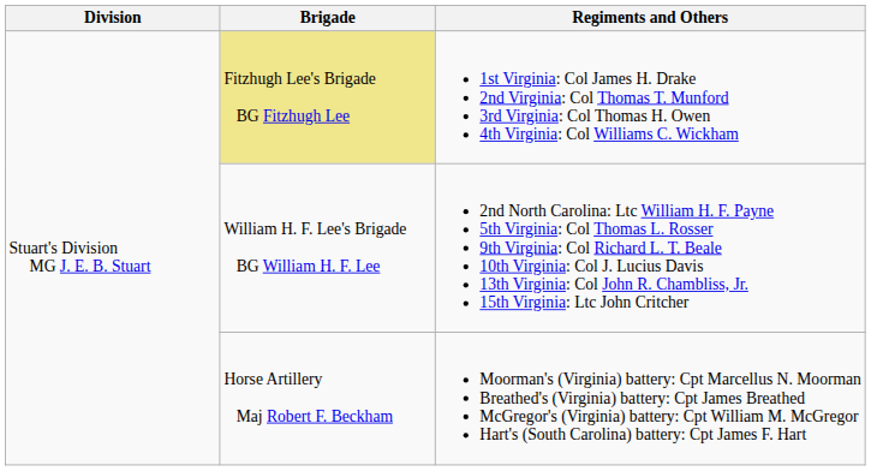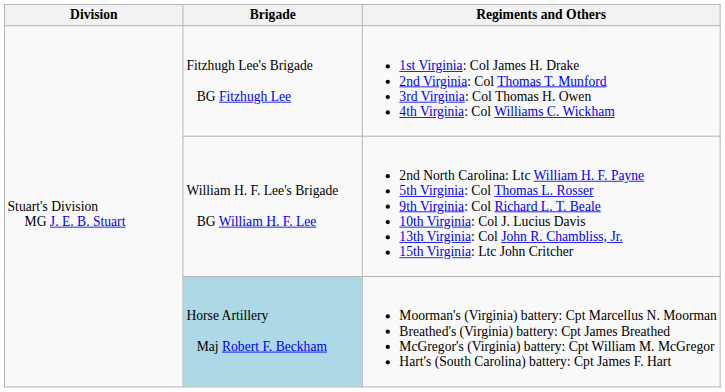 <table class="wikitable">
 <tr>
 <th width=25%>Division</th>
 <th width=25%>Brigade</th>
 <th>Regiments and Others</th>
 </tr>
 <tr>
 <td rowspan=3><br>Stuart's Division <br>     MG <a href='#'>J. E. B. Stuart</a></td>
-<td style="background: khaki;">Fitzhugh Lee's Brigade<br><br>   BG <a href='#'>Fitzhugh Lee</a></td>
+<td>Fitzhugh Lee's Brigade<br><br>   BG <a href='#'>Fitzhugh Lee</a></td>
 <td><br><ul><li><a href='#'>1st Virginia</a>: Col James H. Drake</li><li><a href='#'>2nd Virginia</a>: Col <a href='#'>Thomas T. Munford</a></li><li><a href='#'>3rd Virginia</a>: Col Thomas H. Owen</li><li><a href='#'>4th Virginia</a>: Col <a href='#'>Williams C. Wickham</a></li></ul></td>
 </tr>
 <tr>
 <td>William H. F. Lee's Brigade<br><br>   BG <a href='#'>William H. F. Lee</a></td>
 <td><br><ul><li>2nd North Carolina: Ltc <a href='#'>William H. F. Payne</a></li><li><a href='#'>5th Virginia</a>: Col <a href='#'>Thomas L. Rosser</a></li><li><a href='#'>9th Virginia</a>: Col <a href='#'>Richard L. T. Beale</a></li><li><a href='#'>10th Virginia</a>: Col J. Lucius Davis</li><li><a href='#'>13th Virginia</a>: Col <a href='#'>John R. Chambliss, Jr.</a></li><li><a href='#'>15th Virginia</a>: Ltc John Critcher</li></ul></td>
 </tr>
 <tr>
-<td>Horse Artillery<br><br>   Maj <a href='#'>Robert F. Beckham</a></td>
+<td style="background: lightblue;">Horse Artillery<br><br>   Maj <a href='#'>Robert F. Beckham</a></td>
 <td><br><ul><li>Moorman's (Virginia) battery: Cpt Marcellus N. Moorman</li><li>Breathed's (Virginia) battery: Cpt James Breathed</li><li>McGregor's (Virginia) battery: Cpt William M. McGregor</li><li>Hart's (South Carolina) battery: Cpt James F. Hart</li></ul></td>
 </tr>
 </table>
